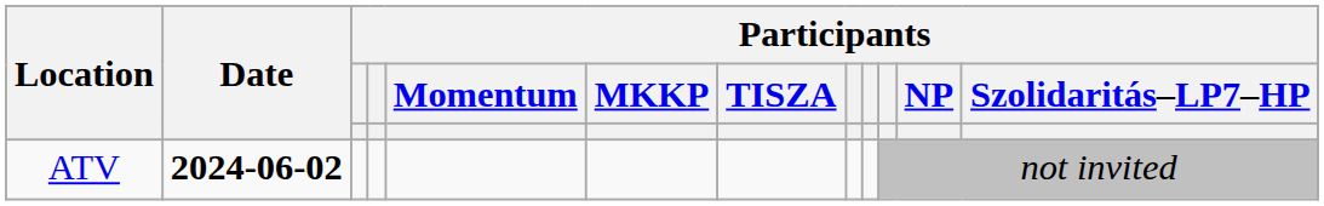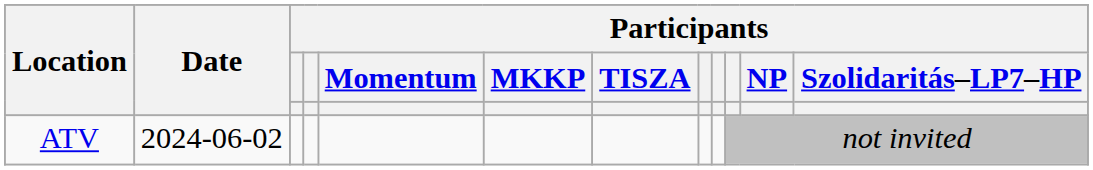 <table class="wikitable" style="text-align:center">
 <tr align="center">
 <th rowspan="3">Location</th>
 <th rowspan="3">Date</th>
 <th colspan=11>Participants</th>
 </tr>
 <tr>
 <th></th>
 <th></th>
 <th><a href='#'>Momentum</a></th>
 <th><a href='#'>MKKP</a></th>
 <th><a href='#'>TISZA</a></th>
 <th></th>
 <th></th>
 <th></th>
 <th><a href='#'>NP</a></th>
 <th><a href='#'>Szolidaritás</a>–<a href='#'>LP7</a>–<a href='#'>HP</a></th>
 </tr>
 <tr>
 <th></th>
 <th></th>
 <th></th>
 <th></th>
 <th></th>
 <th></th>
 <th></th>
 <th></th>
 <th></th>
 <th></th>
 </tr>
 <tr>
 <td><a href='#'>ATV</a></td>
-<td><strong>2024-06-02</strong></td>
+<td>2024-06-02</td>
 <td></td>
 <td></td>
 <td></td>
 <td></td>
 <td></td>
 <td></td>
 <td></td>
 <td style="background:#C0C0C0" colspan=3><em>not invited</em></td>
 </tr>
 </table>
